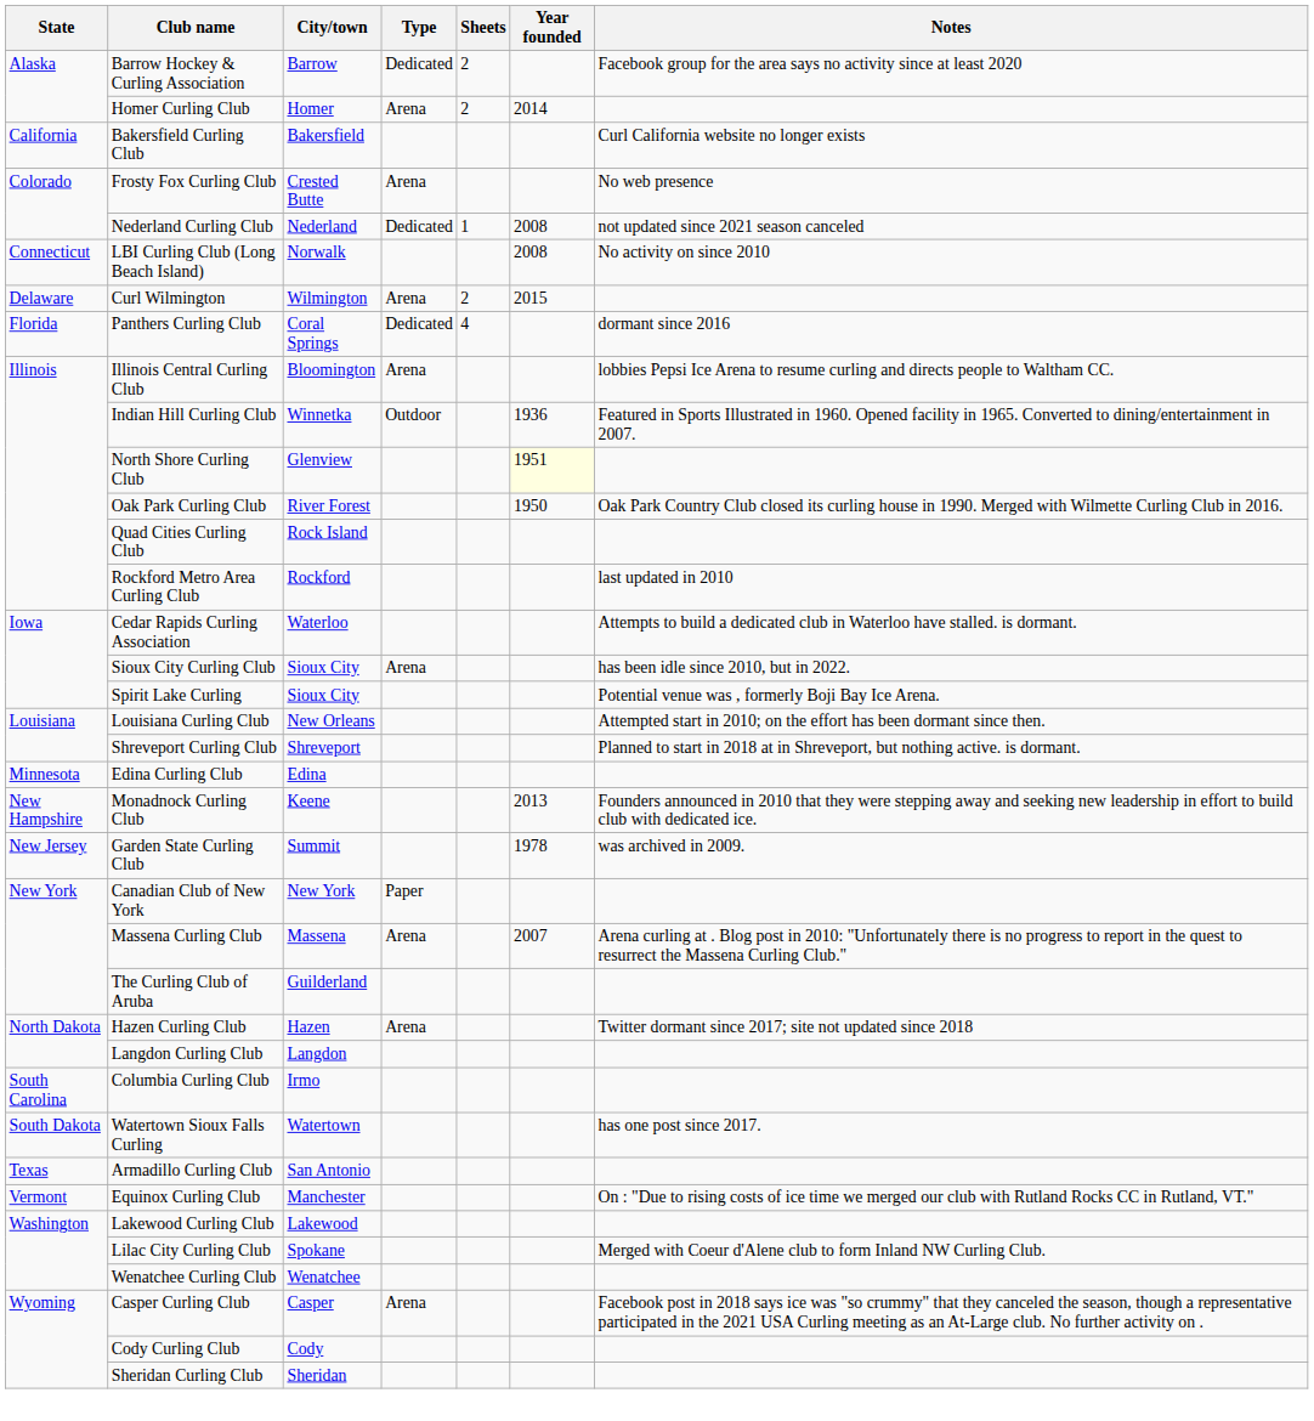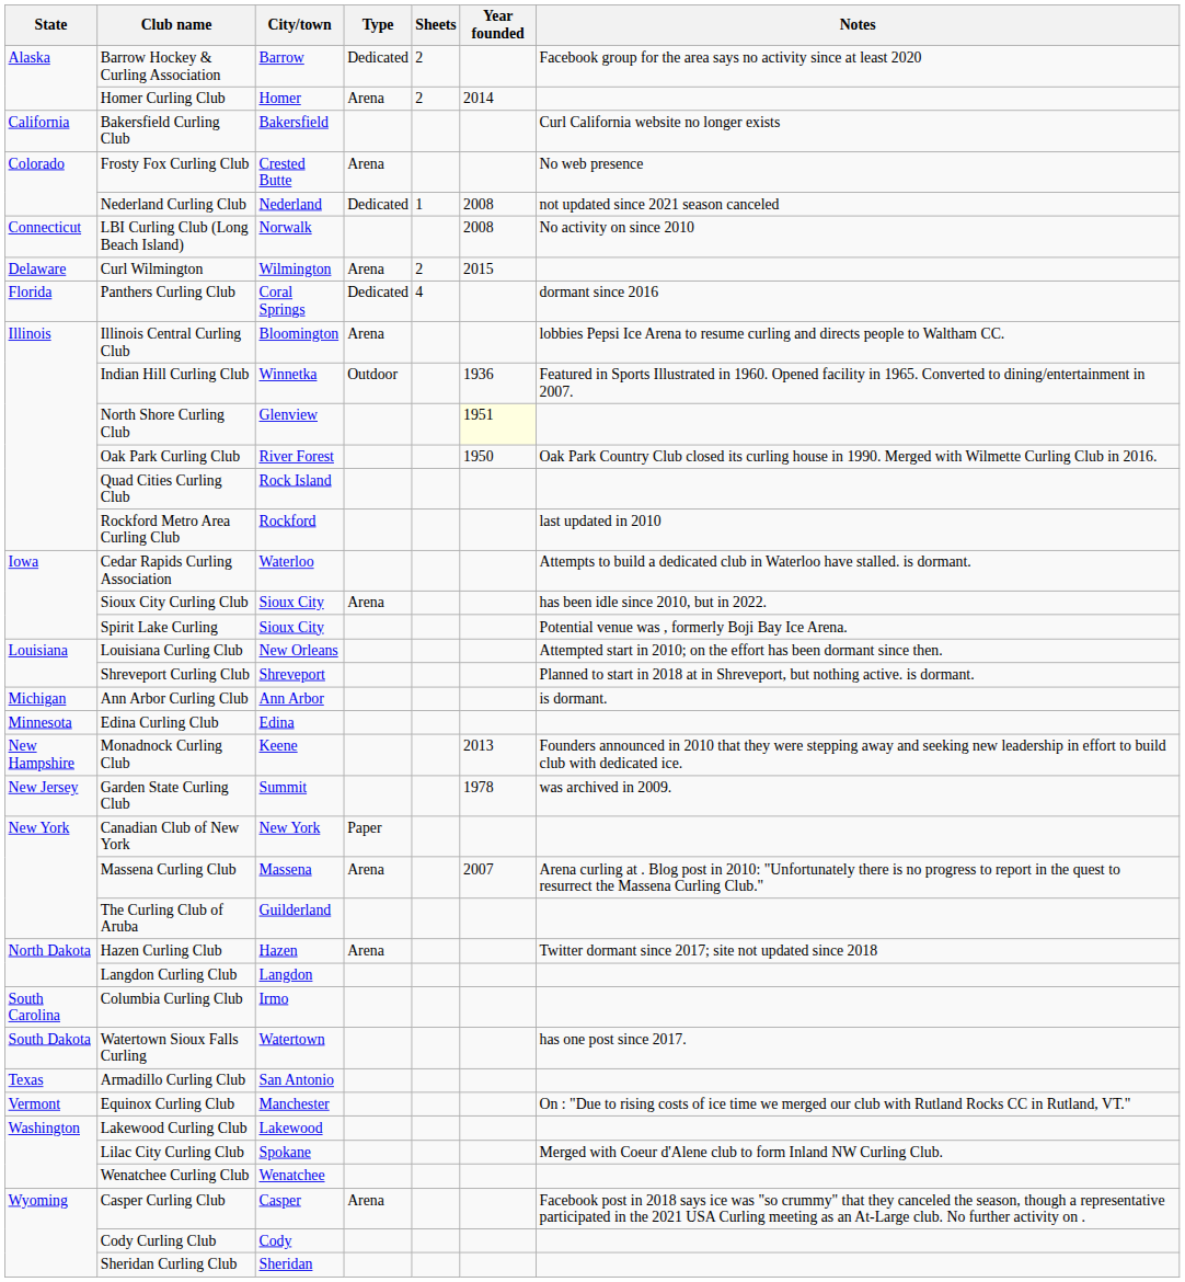 <table class="wikitable">
 <tr>
 <th scope="col">State</th>
 <th scope="col">Club name</th>
 <th scope="col">City/town</th>
 <th scope="col">Type</th>
 <th scope="col">Sheets</th>
 <th scope="col">Year founded</th>
 <th scope="col">Notes<br>   </th>
 </tr>
 <tr valign="top">
 <td rowspan="2"><span><a href='#'>Alaska</a></span></td>
 <td>Barrow Hockey & Curling Association</td>
 <td><a href='#'>Barrow</a></td>
 <td>Dedicated</td>
 <td>2</td>
 <td></td>
 <td>Facebook group for the area says no activity since at least 2020<br></td>
 </tr>
 <tr valign="top">
 <td>Homer Curling Club</td>
 <td><a href='#'>Homer</a></td>
 <td>Arena</td>
 <td>2</td>
 <td>2014</td>
 <td><br>   </td>
 </tr>
 <tr valign="top">
 <td><span><a href='#'>California</a></span></td>
 <td>Bakersfield Curling Club</td>
 <td><a href='#'>Bakersfield</a></td>
 <td></td>
 <td></td>
 <td></td>
 <td>Curl California website no longer exists</td>
 </tr>
 <tr valign="top">
 <td rowspan="2"><span><a href='#'>Colorado</a></span></td>
 <td>Frosty Fox Curling Club</td>
 <td><a href='#'>Crested Butte</a></td>
 <td>Arena</td>
 <td></td>
 <td></td>
 <td>No web presence<br></td>
 </tr>
 <tr valign="top">
 <td>Nederland Curling Club</td>
 <td><a href='#'>Nederland</a></td>
 <td>Dedicated</td>
 <td>1</td>
 <td>2008</td>
 <td> not updated since 2021 season canceled</td>
 </tr>
 <tr valign="top">
 <td><span><a href='#'>Connecticut</a></span></td>
 <td>LBI Curling Club (Long Beach Island)</td>
 <td><a href='#'>Norwalk</a></td>
 <td></td>
 <td></td>
 <td>2008</td>
 <td>No activity on  since 2010<br>   </td>
 </tr>
 <tr valign="top">
 <td><span><a href='#'>Delaware</a></span></td>
 <td>Curl Wilmington</td>
 <td><a href='#'>Wilmington</a></td>
 <td>Arena</td>
 <td>2</td>
 <td>2015</td>
 <td><br>   </td>
 </tr>
 <tr valign="top">
 <td><span><a href='#'>Florida</a></span></td>
 <td>Panthers Curling Club</td>
 <td><a href='#'>Coral Springs</a></td>
 <td>Dedicated</td>
 <td>4</td>
 <td></td>
 <td> dormant since 2016<br></td>
 </tr>
 <tr valign="top">
 <td rowspan="6"><span><a href='#'>Illinois</a></span></td>
 <td>Illinois Central Curling Club</td>
 <td><a href='#'>Bloomington</a></td>
 <td>Arena</td>
 <td></td>
 <td></td>
 <td> lobbies Pepsi Ice Arena to resume curling and directs people to Waltham CC.<br></td>
 </tr>
 <tr valign="top">
 <td>Indian Hill Curling Club</td>
 <td><a href='#'>Winnetka</a></td>
 <td>Outdoor</td>
 <td></td>
 <td>1936</td>
 <td>Featured in Sports Illustrated in 1960. Opened facility in 1965. Converted to dining/entertainment in 2007.<br></td>
 </tr>
 <tr valign="top">
 <td>North Shore Curling Club</td>
 <td><a href='#'>Glenview</a></td>
 <td></td>
 <td></td>
 <td style="background: lightyellow;">1951</td>
 <td><br></td>
 </tr>
 <tr valign="top">
 <td>Oak Park Curling Club</td>
 <td><a href='#'>River Forest</a></td>
 <td></td>
 <td></td>
 <td>1950</td>
 <td>Oak Park Country Club closed its curling house in 1990. Merged with Wilmette Curling Club in 2016.<br></td>
 </tr>
 <tr valign="top">
 <td>Quad Cities Curling Club</td>
 <td><a href='#'>Rock Island</a></td>
 <td></td>
 <td></td>
 <td></td>
 <td><br></td>
 </tr>
 <tr valign="top">
 <td>Rockford Metro Area Curling Club</td>
 <td><a href='#'>Rockford</a></td>
 <td></td>
 <td></td>
 <td></td>
 <td> last updated in 2010<br>   </td>
 </tr>
 <tr valign="top">
 <td rowspan="3"><span><a href='#'>Iowa</a></span></td>
 <td>Cedar Rapids Curling Association</td>
 <td><a href='#'>Waterloo</a></td>
 <td></td>
 <td></td>
 <td></td>
 <td>Attempts to build a dedicated club in Waterloo have stalled.  is dormant.<br></td>
 </tr>
 <tr valign="top">
 <td>Sioux City Curling Club</td>
 <td><a href='#'>Sioux City</a></td>
 <td>Arena</td>
 <td></td>
 <td></td>
 <td> has been idle since 2010, but  in 2022.<br></td>
 </tr>
 <tr valign="top">
 <td>Spirit Lake Curling</td>
 <td><a href='#'>Sioux City</a></td>
 <td></td>
 <td></td>
 <td></td>
 <td>Potential venue was , formerly Boji Bay Ice Arena.<br>   </td>
 </tr>
 <tr valign="top">
 <td rowspan="2"><span><a href='#'>Louisiana</a></span></td>
 <td>Louisiana Curling Club</td>
 <td><a href='#'>New Orleans</a></td>
 <td></td>
 <td></td>
 <td></td>
 <td>Attempted start in 2010;  on the effort has been dormant since then.<br></td>
 </tr>
 <tr valign="top">
 <td>Shreveport Curling Club</td>
 <td><a href='#'>Shreveport</a></td>
 <td></td>
 <td></td>
 <td></td>
 <td>Planned to start in 2018 at  in Shreveport, but nothing active.  is dormant.<br>   </td>
 </tr>
 <tr valign="top">
+<td><span><a href='#'>Michigan</a></span></td>
+<td>Ann Arbor Curling Club</td>
+<td><a href='#'>Ann Arbor</a></td>
+<td></td>
+<td></td>
+<td></td>
+<td> is dormant.<br>   </td>
+</tr>
+<tr valign="top">
 <td><span><a href='#'>Minnesota</a></span></td>
 <td>Edina Curling Club</td>
 <td><a href='#'>Edina</a></td>
 <td></td>
 <td></td>
 <td></td>
 <td><br>   </td>
 </tr>
 <tr valign="top">
 <td><span><a href='#'>New Hampshire</a></span></td>
 <td>Monadnock Curling Club</td>
 <td><a href='#'>Keene</a></td>
 <td></td>
 <td></td>
 <td>2013</td>
 <td>Founders announced in 2010 that they were stepping away and seeking new leadership in effort to build club with dedicated ice.<br>   </td>
 </tr>
 <tr valign="top">
 <td><span><a href='#'>New Jersey</a></span></td>
 <td>Garden State Curling Club</td>
 <td><a href='#'>Summit</a></td>
 <td></td>
 <td></td>
 <td>1978</td>
 <td> was archived in 2009.<br>   </td>
 </tr>
 <tr valign="top">
 <td rowspan="3"><span><a href='#'>New York</a></span></td>
 <td>Canadian Club of New York</td>
 <td><a href='#'>New York</a></td>
 <td>Paper</td>
 <td></td>
 <td></td>
 <td><br></td>
 </tr>
 <tr valign="top">
 <td>Massena Curling Club</td>
 <td><a href='#'>Massena</a></td>
 <td>Arena</td>
 <td></td>
 <td>2007</td>
 <td>Arena curling at . Blog post in 2010: "Unfortunately there is no progress to report in the quest to resurrect the Massena Curling Club."<br></td>
 </tr>
 <tr valign="top">
 <td>The Curling Club of Aruba</td>
 <td><a href='#'>Guilderland</a></td>
 <td></td>
 <td></td>
 <td></td>
 <td><br>   </td>
 </tr>
 <tr valign="top">
 <td rowspan="2"><span><a href='#'>North Dakota</a></span></td>
 <td>Hazen Curling Club</td>
 <td><a href='#'>Hazen</a></td>
 <td>Arena</td>
 <td></td>
 <td></td>
 <td>Twitter dormant since 2017; site not updated since 2018<br></td>
 </tr>
 <tr valign="top">
 <td>Langdon Curling Club</td>
 <td><a href='#'>Langdon</a></td>
 <td></td>
 <td></td>
 <td></td>
 <td><br>   </td>
 </tr>
 <tr valign="top">
 <td><span><a href='#'>South Carolina</a></span></td>
 <td>Columbia Curling Club</td>
 <td><a href='#'>Irmo</a></td>
 <td></td>
 <td></td>
 <td></td>
 <td><br>   </td>
 </tr>
 <tr valign="top">
 <td><span><a href='#'>South Dakota</a></span></td>
 <td>Watertown Sioux Falls Curling</td>
 <td><a href='#'>Watertown</a></td>
 <td></td>
 <td></td>
 <td></td>
 <td> has one post since 2017.<br>   </td>
 </tr>
 <tr valign="top">
 <td><span><a href='#'>Texas</a></span></td>
 <td>Armadillo Curling Club</td>
 <td><a href='#'>San Antonio</a></td>
 <td></td>
 <td></td>
 <td></td>
 <td><br>   </td>
 </tr>
 <tr valign="top">
 <td><span><a href='#'>Vermont</a></span></td>
 <td>Equinox Curling Club</td>
 <td><a href='#'>Manchester</a></td>
 <td></td>
 <td></td>
 <td></td>
 <td>On : "Due to rising costs of ice time we merged our club with Rutland Rocks CC in Rutland, VT."<br>   </td>
 </tr>
 <tr valign="top">
 <td rowspan="3"><span><a href='#'>Washington</a></span></td>
 <td>Lakewood Curling Club</td>
 <td><a href='#'>Lakewood</a></td>
 <td></td>
 <td></td>
 <td></td>
 <td><br></td>
 </tr>
 <tr valign="top">
 <td>Lilac City Curling Club</td>
 <td><a href='#'>Spokane</a></td>
 <td></td>
 <td></td>
 <td></td>
 <td>Merged with Coeur d'Alene club to form Inland NW Curling Club.<br></td>
 </tr>
 <tr valign="top">
 <td>Wenatchee Curling Club</td>
 <td><a href='#'>Wenatchee</a></td>
 <td></td>
 <td></td>
 <td></td>
 <td><br>   </td>
 </tr>
 <tr valign="top">
 <td rowspan="3"><span><a href='#'>Wyoming</a></span></td>
 <td>Casper Curling Club</td>
 <td><a href='#'>Casper</a></td>
 <td>Arena</td>
 <td></td>
 <td></td>
 <td>Facebook post in 2018 says ice was "so crummy" that they canceled the season, though a representative participated in the 2021 USA Curling meeting as an At-Large club. No further activity on .<br></td>
 </tr>
 <tr valign="top">
 <td>Cody Curling Club</td>
 <td><a href='#'>Cody</a></td>
 <td></td>
 <td></td>
 <td></td>
 <td><br></td>
 </tr>
 <tr valign="top">
 <td>Sheridan Curling Club</td>
 <td><a href='#'>Sheridan</a></td>
 <td></td>
 <td></td>
 <td></td>
 <td></td>
 </tr>
 </table>
